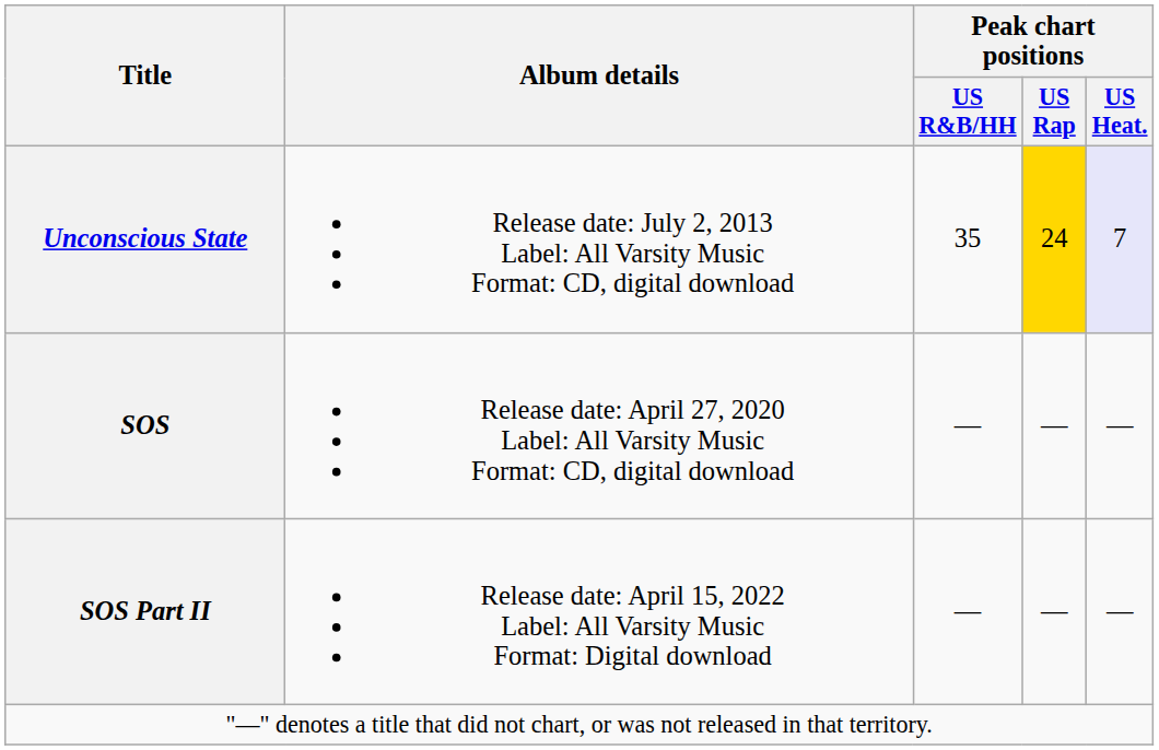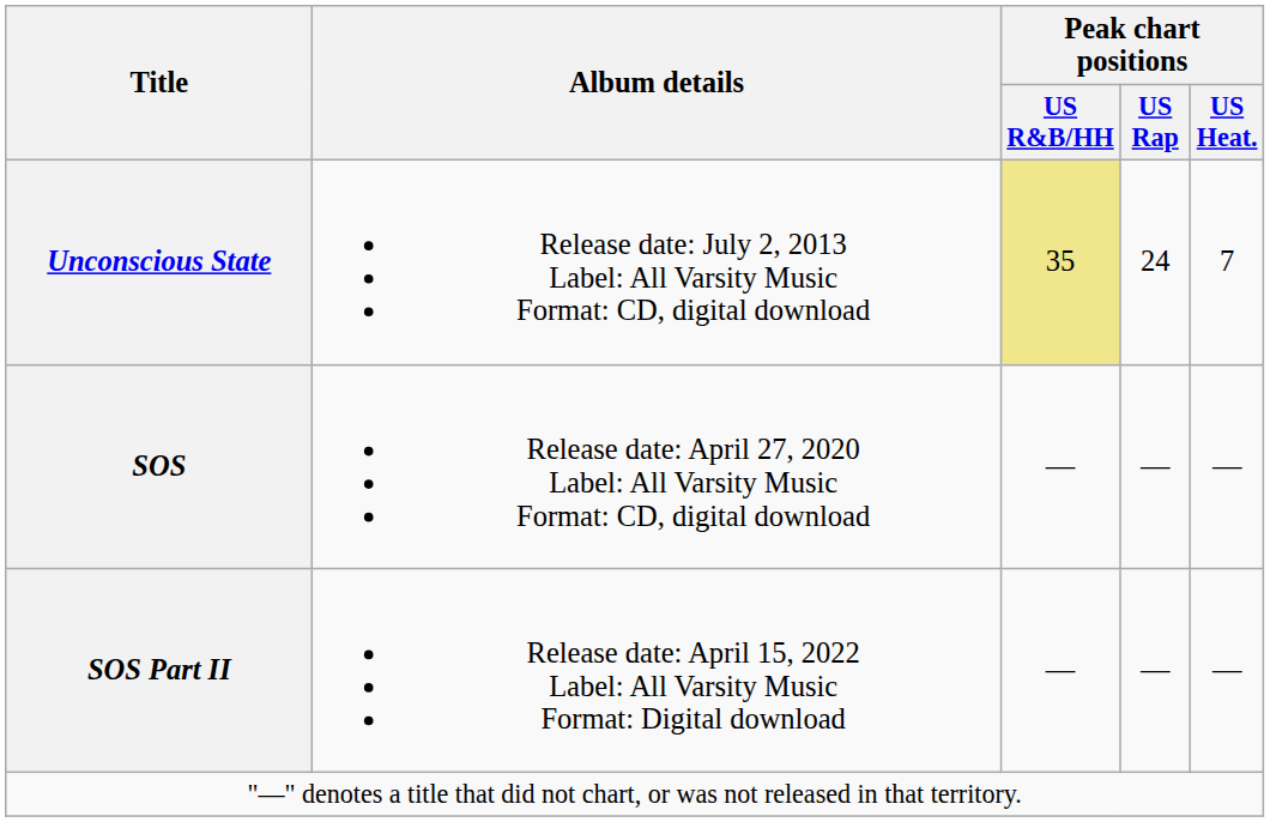 <table class="wikitable plainrowheaders" style="text-align:center;">
 <tr>
 <th scope="col" rowspan="2" style="width:10em;">Title</th>
 <th scope="col" rowspan="2" style="width:23em;">Album details</th>
 <th scope="col" colspan="3">Peak chart positions</th>
 </tr>
 <tr>
 <th scope="col" style="width:2.2em;font-size:90%;"><a href='#'>US R&B/HH</a></th>
 <th scope="col" style="width:2.2em;font-size:90%;"><a href='#'>US Rap</a></th>
 <th scope="col" style="width:2.2em;font-size:90%;"><a href='#'>US Heat.</a></th>
 </tr>
 <tr>
 <th scope="row"><em><a href='#'>Unconscious State</a></em></th>
 <td><br><ul><li>Release date: July 2, 2013</li><li>Label: All Varsity Music</li><li>Format: CD, digital download</li></ul></td>
-<td>35</td>
-<td style="background: gold;">24</td>
-<td style="background: lavender;">7</td>
+<td style="background: khaki;">35</td>
+<td>24</td>
+<td>7</td>
 </tr>
 <tr>
 <th scope="row"><em>SOS</em></th>
 <td><br><ul><li>Release date: April 27, 2020</li><li>Label: All Varsity Music</li><li>Format: CD, digital download</li></ul></td>
 <td>—</td>
 <td>—</td>
 <td>—</td>
 </tr>
 <tr>
 <th scope="row"><em>SOS Part II</em></th>
 <td><br><ul><li>Release date: April 15, 2022</li><li>Label: All Varsity Music</li><li>Format: Digital download</li></ul></td>
 <td>—</td>
 <td>—</td>
 <td>—</td>
 </tr>
 <tr>
 <td colspan="14" style="font-size:90%">"—" denotes a title that did not chart, or was not released in that territory.</td>
 </tr>
 </table>
